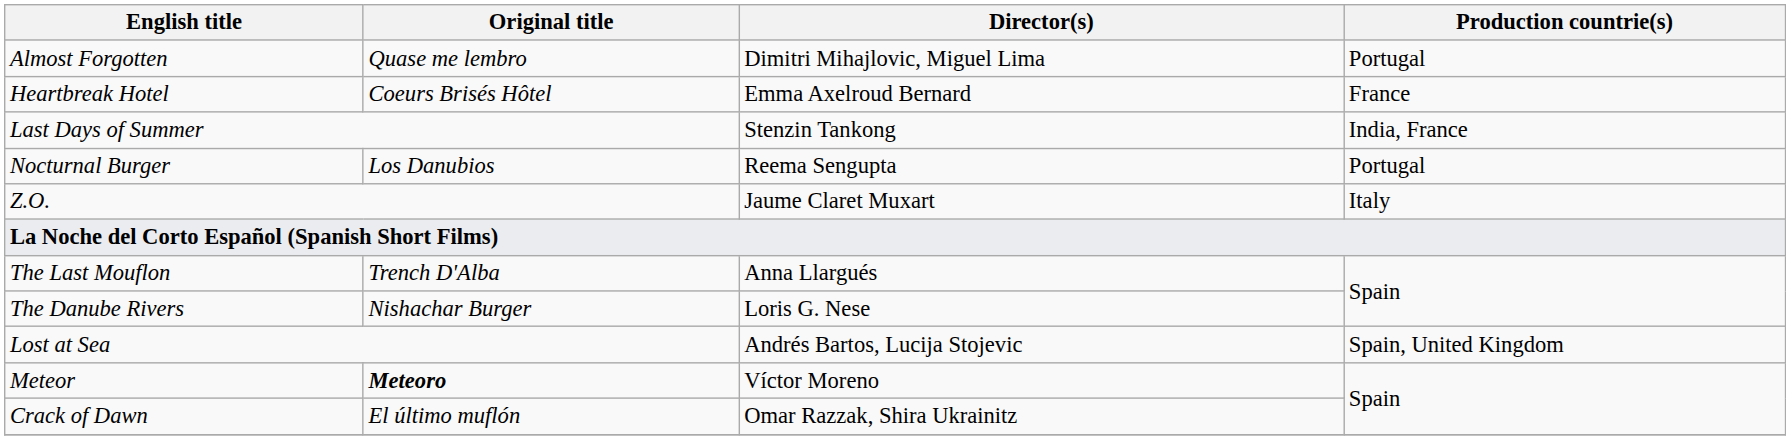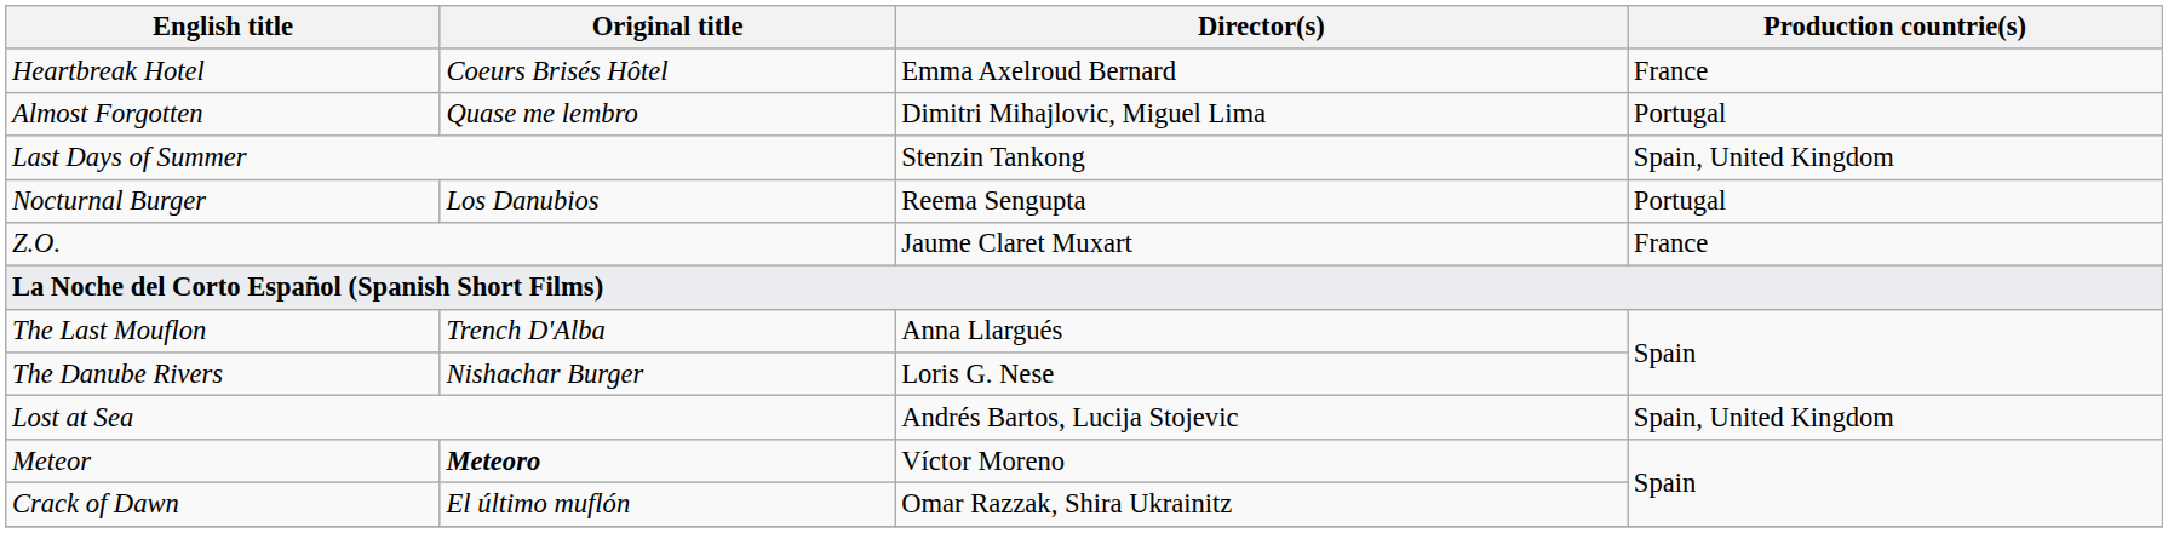 <table class="sortable wikitable" style="width:100%; margin-bottom:4px" cellpadding="5">
 <tr>
 <th scope="col">English title</th>
 <th scope="col">Original title</th>
 <th scope="col">Director(s)</th>
 <th scope="col">Production countrie(s)</th>
 </tr>
 <tr>
+<td><em>Heartbreak Hotel</em></td>
+<td><em>Coeurs Brisés Hôtel</em></td>
+<td>Emma Axelroud Bernard</td>
+<td>France</td>
+</tr>
+<tr>
 <td><em>Almost Forgotten</em></td>
 <td><em>Quase me lembro</em></td>
 <td>Dimitri Mihajlovic, Miguel Lima</td>
 <td>Portugal</td>
 </tr>
 <tr>
-<td><em>Heartbreak Hotel</em></td>
-<td><em>Coeurs Brisés Hôtel</em></td>
-<td>Emma Axelroud Bernard</td>
-<td>France</td>
-</tr>
-<tr>
 <td colspan="2"><em>Last Days of Summer</em></td>
 <td>Stenzin Tankong</td>
-<td>India, France</td>
+<td>Spain, United Kingdom</td>
 </tr>
 <tr>
 <td><em>Nocturnal Burger</em></td>
 <td><em>Los Danubios</em></td>
 <td>Reema Sengupta</td>
 <td>Portugal</td>
 </tr>
 <tr>
 <td colspan="2"><em>Z.O.</em></td>
 <td>Jaume Claret Muxart</td>
-<td>Italy</td>
+<td>France</td>
 </tr>
 <tr>
 <td colspan=4 class="center" style="padding-center:120px; background-color:#EAECF0"><strong>La Noche del Corto Español (Spanish Short Films)</strong></td>
 </tr>
 <tr>
 <td><em>The Last Mouflon</em></td>
 <td><em>Trench D'Alba</em></td>
 <td>Anna Llargués</td>
 <td rowspan="2">Spain</td>
 </tr>
 <tr>
 <td><em>The Danube Rivers</em></td>
 <td><em>Nishachar Burger</em></td>
 <td>Loris G. Nese</td>
 </tr>
 <tr>
 <td colspan="2"><em>Lost at Sea</em></td>
 <td>Andrés Bartos, Lucija Stojevic</td>
 <td>Spain, United Kingdom</td>
 </tr>
 <tr>
 <td><em>Meteor</em></td>
 <td><strong><em>Meteoro</em></strong></td>
 <td>Víctor Moreno</td>
 <td rowspan="2">Spain</td>
 </tr>
 <tr>
 <td><em>Crack of Dawn</em></td>
 <td><em>El último muflón</em></td>
 <td>Omar Razzak, Shira Ukrainitz</td>
 </tr>
 <tr>
 </tr>
 </table>
